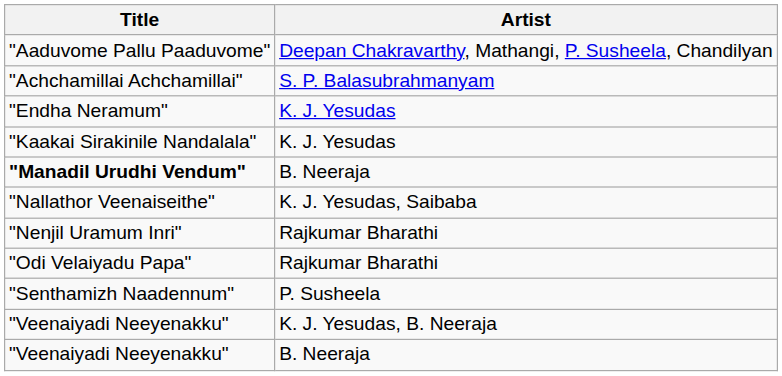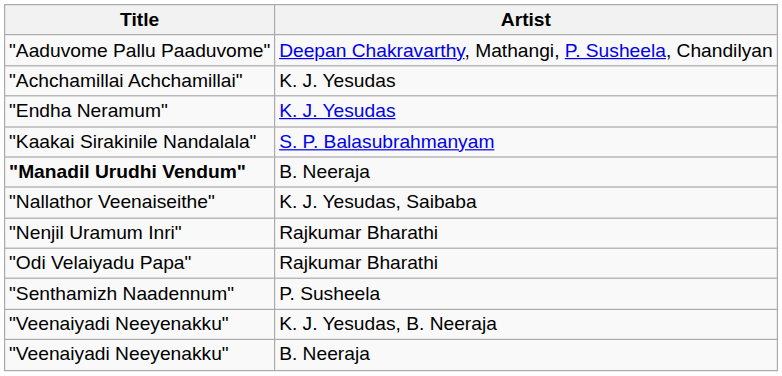 <table class="wikitable">
 <tr>
 <th>Title</th>
 <th>Artist</th>
 </tr>
 <tr>
 <td>"Aaduvome Pallu Paaduvome"</td>
 <td><a href='#'>Deepan Chakravarthy</a>, Mathangi, <a href='#'>P. Susheela</a>, Chandilyan</td>
 </tr>
 <tr>
 <td>"Achchamillai Achchamillai"</td>
-<td><a href='#'>S. P. Balasubrahmanyam</a></td>
+<td>K. J. Yesudas</td>
 </tr>
 <tr>
 <td>"Endha Neramum"</td>
 <td><a href='#'>K. J. Yesudas</a></td>
 </tr>
 <tr>
 <td>"Kaakai Sirakinile Nandalala"</td>
-<td>K. J. Yesudas</td>
+<td><a href='#'>S. P. Balasubrahmanyam</a></td>
 </tr>
 <tr>
 <td><strong>"Manadil Urudhi Vendum"</strong></td>
 <td>B. Neeraja</td>
 </tr>
 <tr>
 <td>"Nallathor Veenaiseithe"</td>
 <td>K. J. Yesudas, Saibaba</td>
 </tr>
 <tr>
 <td>"Nenjil Uramum Inri"</td>
 <td>Rajkumar Bharathi</td>
 </tr>
 <tr>
 <td>"Odi Velaiyadu Papa"</td>
 <td>Rajkumar Bharathi</td>
 </tr>
 <tr>
 <td>"Senthamizh Naadennum"</td>
 <td>P. Susheela</td>
 </tr>
 <tr>
 <td>"Veenaiyadi Neeyenakku"</td>
 <td>K. J. Yesudas, B. Neeraja</td>
 </tr>
 <tr>
 <td>"Veenaiyadi Neeyenakku"</td>
 <td>B. Neeraja</td>
 </tr>
 </table>
